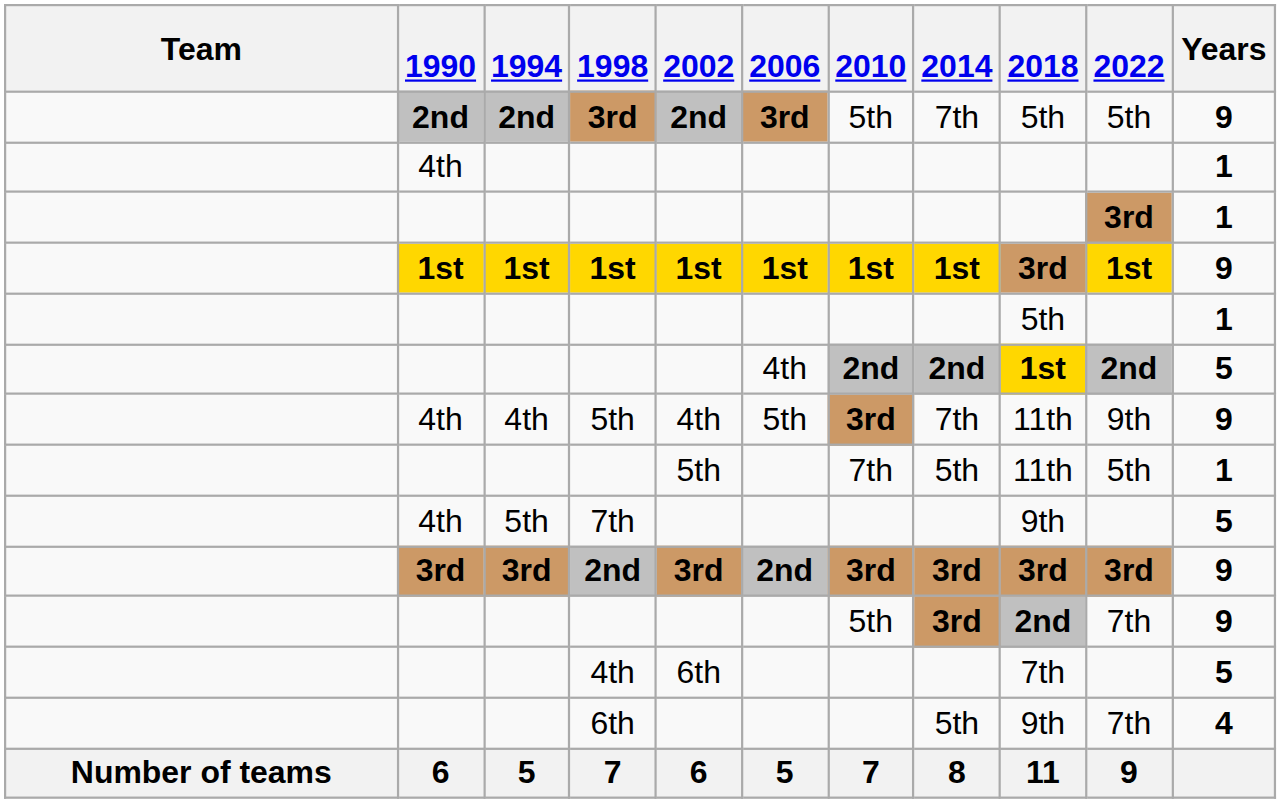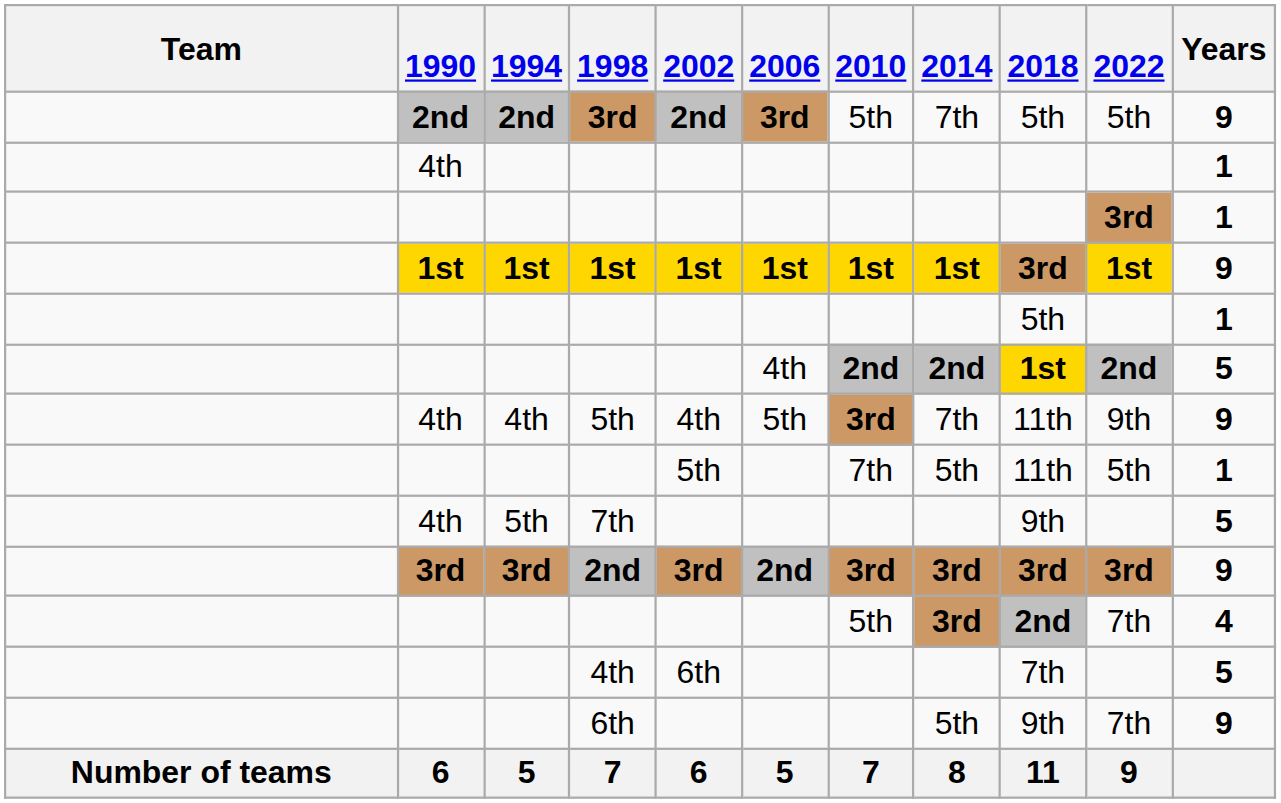 <table class="wikitable" style="text-align:center; font-size:90%">
 <tr>
 <th width=170>Team</th>
 <th width=25><br><a href='#'>1990</a></th>
 <th width=25><br><a href='#'>1994</a></th>
 <th width=25><br><a href='#'>1998</a></th>
 <th width=25><br><a href='#'>2002</a></th>
 <th width=25><br><a href='#'>2006</a></th>
 <th width=25><br><a href='#'>2010</a></th>
 <th width=25><br><a href='#'>2014</a></th>
 <th width=25><br><a href='#'>2018</a></th>
 <th width=25><br><a href='#'>2022</a></th>
 <th width=40>Years</th>
 </tr>
 <tr>
 <td align=left></td>
 <td bgcolor=silver><strong>2nd</strong></td>
 <td bgcolor=silver><strong>2nd</strong></td>
 <td bgcolor=cc9966><strong>3rd</strong></td>
 <td bgcolor=silver><strong>2nd</strong></td>
 <td bgcolor=cc9966><strong>3rd</strong></td>
 <td>5th</td>
 <td>7th</td>
 <td>5th</td>
 <td>5th</td>
 <td><strong>9</strong></td>
 </tr>
 <tr>
 <td align=left></td>
 <td>4th</td>
 <td></td>
 <td></td>
 <td></td>
 <td></td>
 <td></td>
 <td></td>
 <td></td>
 <td></td>
 <td><strong>1</strong></td>
 </tr>
 <tr>
 <td align=left></td>
 <td></td>
 <td></td>
 <td></td>
 <td></td>
 <td></td>
 <td></td>
 <td></td>
 <td></td>
 <td bgcolor=cc9966><strong>3rd</strong></td>
 <td><strong>1</strong></td>
 </tr>
 <tr>
 <td align=left></td>
 <td bgcolor=gold><strong>1st</strong></td>
 <td bgcolor=gold><strong>1st</strong></td>
 <td bgcolor=gold><strong>1st</strong></td>
 <td bgcolor=gold><strong>1st</strong></td>
 <td bgcolor=gold><strong>1st</strong></td>
 <td bgcolor=gold><strong>1st</strong></td>
 <td bgcolor=gold><strong>1st</strong></td>
 <td bgcolor=cc9966><strong>3rd</strong></td>
 <td bgcolor=gold><strong>1st</strong></td>
 <td><strong>9</strong></td>
 </tr>
 <tr>
 <td align=left></td>
 <td></td>
 <td></td>
 <td></td>
 <td></td>
 <td></td>
 <td></td>
 <td></td>
 <td>5th</td>
 <td></td>
 <td><strong>1</strong></td>
 </tr>
 <tr>
 <td align=left></td>
 <td></td>
 <td></td>
 <td></td>
 <td></td>
 <td>4th</td>
 <td bgcolor=silver><strong>2nd</strong></td>
 <td bgcolor=silver><strong>2nd</strong></td>
 <td bgcolor=gold><strong>1st</strong></td>
 <td bgcolor=silver><strong>2nd</strong></td>
 <td><strong>5</strong></td>
 </tr>
 <tr>
 <td align=left></td>
 <td>4th</td>
 <td>4th</td>
 <td>5th</td>
 <td>4th</td>
 <td>5th</td>
 <td bgcolor=cc9966><strong>3rd</strong></td>
 <td>7th</td>
 <td>11th</td>
 <td>9th</td>
 <td><strong>9</strong></td>
 </tr>
 <tr>
 <td align=left></td>
 <td></td>
 <td></td>
 <td></td>
 <td>5th</td>
 <td></td>
 <td>7th</td>
 <td>5th</td>
 <td>11th</td>
 <td>5th</td>
 <td><strong>1</strong></td>
 </tr>
 <tr>
 <td align=left></td>
 <td>4th</td>
 <td>5th</td>
 <td>7th</td>
 <td></td>
 <td></td>
 <td></td>
 <td></td>
 <td>9th</td>
 <td></td>
 <td><strong>5</strong></td>
 </tr>
 <tr>
 <td align=left></td>
 <td bgcolor=cc9966><strong>3rd</strong></td>
 <td bgcolor=cc9966><strong>3rd</strong></td>
 <td bgcolor=silver><strong>2nd</strong></td>
 <td bgcolor=cc9966><strong>3rd</strong></td>
 <td bgcolor=silver><strong>2nd</strong></td>
 <td bgcolor=cc9966><strong>3rd</strong></td>
 <td bgcolor=cc9966><strong>3rd</strong></td>
 <td bgcolor=cc9966><strong>3rd</strong></td>
 <td bgcolor=cc9966><strong>3rd</strong></td>
 <td><strong>9</strong></td>
 </tr>
 <tr>
 <td align=left></td>
 <td></td>
 <td></td>
 <td></td>
 <td></td>
 <td></td>
 <td>5th</td>
 <td bgcolor=cc9966><strong>3rd</strong></td>
 <td bgcolor=silver><strong>2nd</strong></td>
 <td>7th</td>
-<td><strong>9</strong></td>
+<td><strong>4</strong></td>
 </tr>
 <tr>
 <td align=left></td>
 <td></td>
 <td></td>
 <td>4th</td>
 <td>6th</td>
 <td></td>
 <td></td>
 <td></td>
 <td>7th</td>
 <td></td>
 <td><strong>5</strong></td>
 </tr>
 <tr>
 <td align=left></td>
 <td></td>
 <td></td>
 <td>6th</td>
 <td></td>
 <td></td>
 <td></td>
 <td>5th</td>
 <td>9th</td>
 <td>7th</td>
-<td><strong>4</strong></td>
+<td><strong>9</strong></td>
 </tr>
 <tr>
 <th>Number of teams</th>
 <th>6</th>
 <th>5</th>
 <th>7</th>
 <th>6</th>
 <th>5</th>
 <th>7</th>
 <th>8</th>
 <th>11</th>
 <th>9</th>
 <th></th>
 </tr>
 </table>
